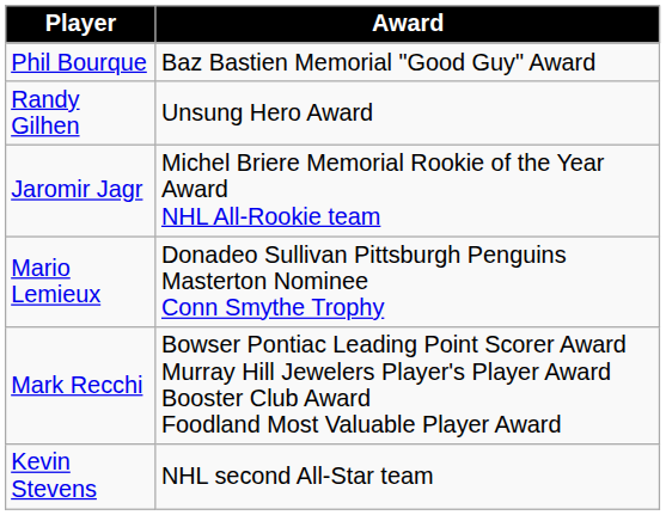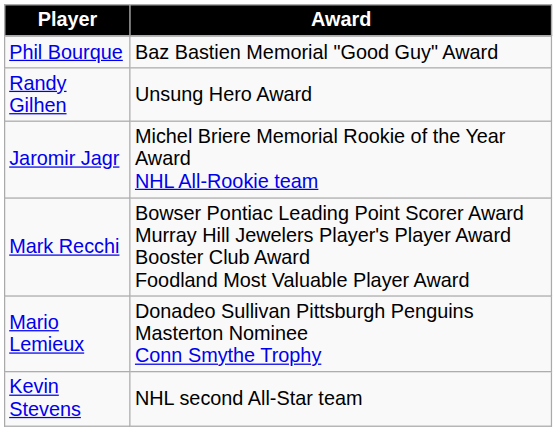 <table class="wikitable" border="1" style="width:35%;">
 <tr style="background:#ddd;">
 <th style="color:white; background:#000000; ">Player</th>
 <th style="color:white; background:#000000; ">Award</th>
 </tr>
 <tr>
 <td><a href='#'>Phil Bourque</a></td>
 <td>Baz Bastien Memorial "Good Guy" Award</td>
 </tr>
 <tr>
 <td><a href='#'>Randy Gilhen</a></td>
 <td>Unsung Hero Award</td>
 </tr>
 <tr>
 <td><a href='#'>Jaromir Jagr</a></td>
 <td>Michel Briere Memorial Rookie of the Year Award<br><a href='#'>NHL All-Rookie team</a></td>
 </tr>
 <tr>
+<td><a href='#'>Mark Recchi</a></td>
+<td>Bowser Pontiac Leading Point Scorer Award<br>Murray Hill Jewelers Player's Player Award<br>Booster Club Award<br>Foodland Most Valuable Player Award</td>
+</tr>
+<tr>
 <td><a href='#'>Mario Lemieux</a></td>
 <td>Donadeo Sullivan Pittsburgh Penguins Masterton Nominee<br><a href='#'>Conn Smythe Trophy</a></td>
-</tr>
-<tr>
-<td><a href='#'>Mark Recchi</a></td>
-<td>Bowser Pontiac Leading Point Scorer Award<br>Murray Hill Jewelers Player's Player Award<br>Booster Club Award<br>Foodland Most Valuable Player Award</td>
 </tr>
 <tr>
 <td><a href='#'>Kevin Stevens</a></td>
 <td>NHL second All-Star team</td>
 </tr>
 </table>
